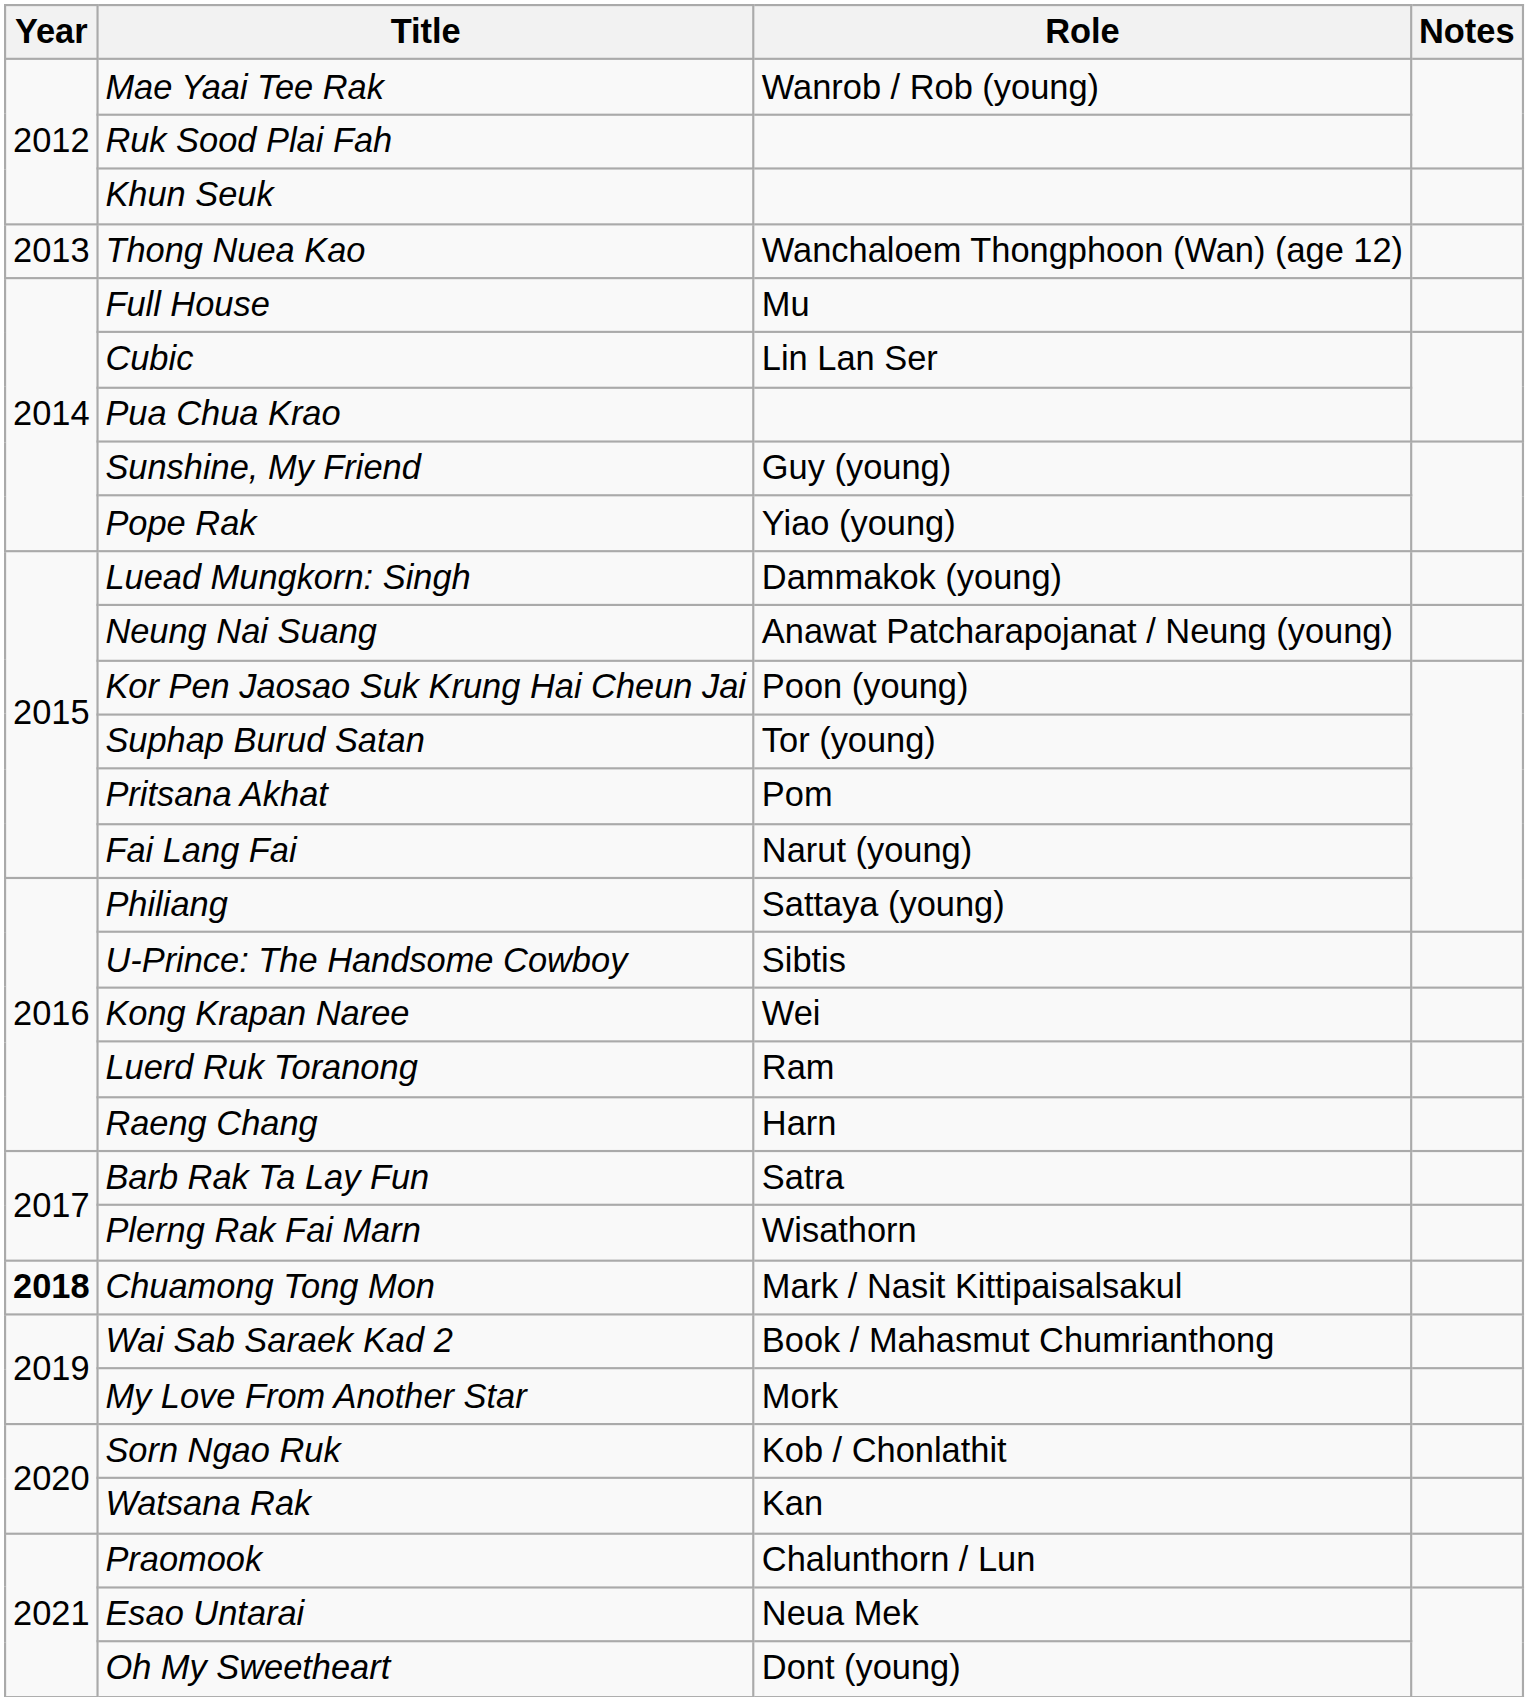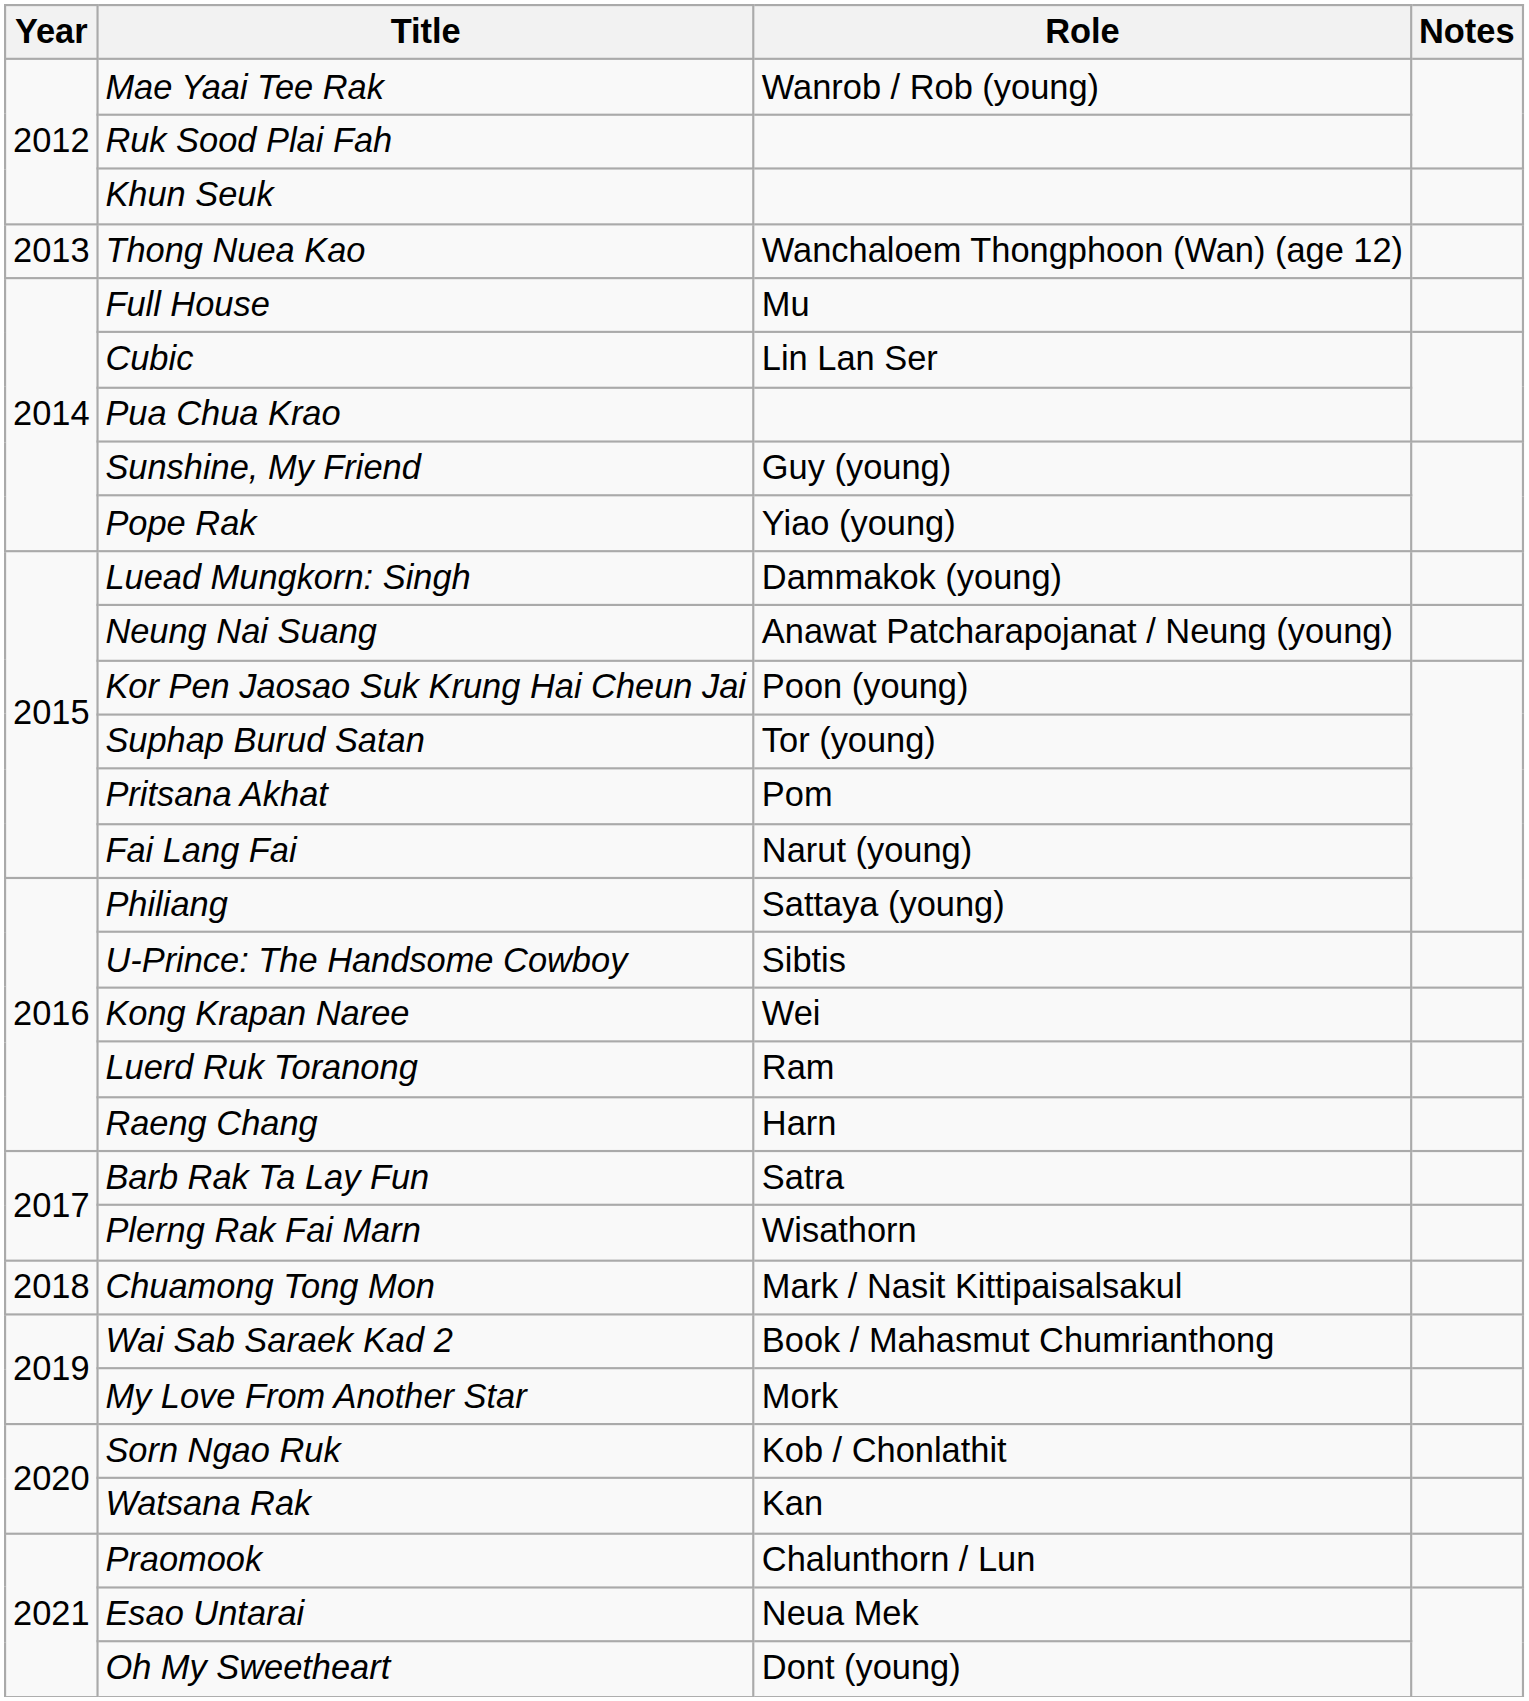 <table class="wikitable">
 <tr>
 <th>Year</th>
 <th>Title</th>
 <th>Role</th>
 <th>Notes</th>
 </tr>
 <tr>
 <td rowspan="3">2012</td>
 <td><em>Mae Yaai Tee Rak</em></td>
 <td>Wanrob / Rob (young)</td>
 <td rowspan="2"></td>
 </tr>
 <tr>
 <td><em>Ruk Sood Plai Fah</em></td>
 <td></td>
 </tr>
 <tr>
 <td><em>Khun Seuk</em></td>
 <td></td>
 <td></td>
 </tr>
 <tr>
 <td>2013</td>
 <td><em>Thong Nuea Kao</em></td>
 <td>Wanchaloem Thongphoon (Wan) (age 12)</td>
 <td></td>
 </tr>
 <tr>
 <td rowspan="5">2014</td>
 <td><em>Full House</em></td>
 <td>Mu</td>
 <td></td>
 </tr>
 <tr>
 <td><em>Cubic</em></td>
 <td>Lin Lan Ser</td>
 <td rowspan="2"></td>
 </tr>
 <tr>
 <td><em>Pua Chua Krao</em></td>
 <td></td>
 </tr>
 <tr>
 <td><em>Sunshine, My Friend</em></td>
 <td>Guy (young)</td>
 <td rowspan="2"></td>
 </tr>
 <tr>
 <td><em>Pope Rak</em></td>
 <td>Yiao (young)</td>
 </tr>
 <tr>
 <td rowspan="6">2015</td>
 <td><em>Luead Mungkorn: Singh</em></td>
 <td>Dammakok (young)</td>
 <td></td>
 </tr>
 <tr>
 <td><em>Neung Nai Suang</em></td>
 <td>Anawat Patcharapojanat / Neung (young)</td>
 <td></td>
 </tr>
 <tr>
 <td><em>Kor Pen Jaosao Suk Krung Hai Cheun Jai</em></td>
 <td>Poon (young)</td>
 <td rowspan="5"></td>
 </tr>
 <tr>
 <td><em>Suphap Burud Satan</em></td>
 <td>Tor (young)</td>
 </tr>
 <tr>
 <td><em>Pritsana Akhat</em></td>
 <td>Pom</td>
 </tr>
 <tr>
 <td><em>Fai Lang Fai</em></td>
 <td>Narut (young)</td>
 </tr>
 <tr>
 <td rowspan="5">2016</td>
 <td><em>Philiang</em></td>
 <td>Sattaya (young)</td>
 </tr>
 <tr>
 <td><em>U-Prince: The Handsome Cowboy</em></td>
 <td>Sibtis</td>
 <td></td>
 </tr>
 <tr>
 <td><em>Kong Krapan Naree</em></td>
 <td>Wei</td>
 <td></td>
 </tr>
 <tr>
 <td><em>Luerd Ruk Toranong</em></td>
 <td>Ram</td>
 <td></td>
 </tr>
 <tr>
 <td><em>Raeng Chang</em></td>
 <td>Harn</td>
 <td></td>
 </tr>
 <tr>
 <td rowspan="2">2017</td>
 <td><em>Barb Rak Ta Lay Fun</em></td>
 <td>Satra</td>
 <td></td>
 </tr>
 <tr>
 <td><em>Plerng Rak Fai Marn</em></td>
 <td>Wisathorn</td>
 <td></td>
 </tr>
 <tr>
-<td><strong>2018</strong></td>
+<td>2018</td>
 <td><em>Chuamong Tong Mon</em></td>
 <td>Mark / Nasit Kittipaisalsakul</td>
 <td></td>
 </tr>
 <tr>
 <td rowspan="2">2019</td>
 <td><em>Wai Sab Saraek Kad 2</em></td>
 <td>Book / Mahasmut Chumrianthong</td>
 <td></td>
 </tr>
 <tr>
 <td><em>My Love From Another Star</em></td>
 <td>Mork</td>
 <td></td>
 </tr>
 <tr>
 <td rowspan="2">2020</td>
 <td><em>Sorn Ngao Ruk</em></td>
 <td>Kob / Chonlathit</td>
 <td></td>
 </tr>
 <tr>
 <td><em>Watsana Rak</em></td>
 <td>Kan</td>
 <td></td>
 </tr>
 <tr>
 <td rowspan="3">2021</td>
 <td><em>Praomook</em></td>
 <td>Chalunthorn / Lun</td>
 <td></td>
 </tr>
 <tr>
 <td><em>Esao Untarai</em></td>
 <td>Neua Mek</td>
 <td rowspan="2"></td>
 </tr>
 <tr>
 <td><em>Oh My Sweetheart</em></td>
 <td>Dont (young)</td>
 </tr>
 </table>
